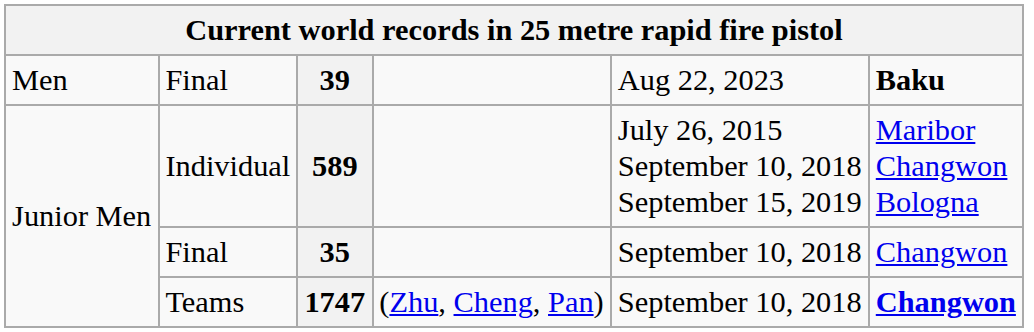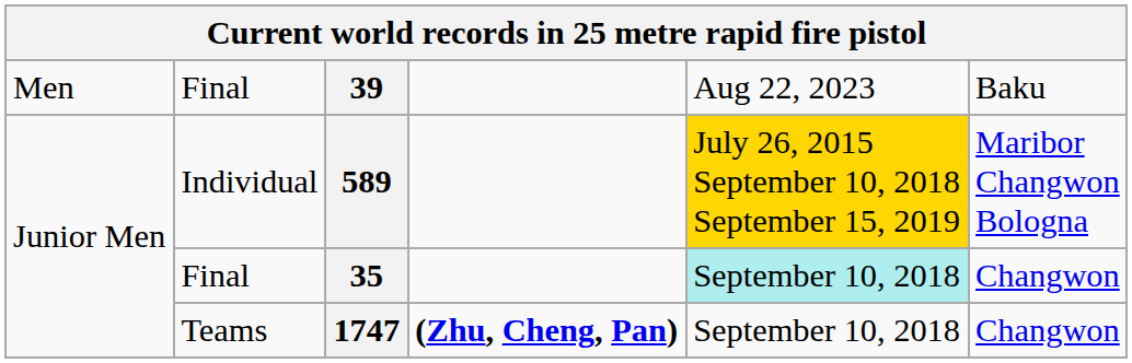 <table class="wikitable" style="font-size: 95%">
 <tr>
 <th colspan=9>Current world records in 25 metre rapid fire pistol</th>
 </tr>
 <tr>
 <td rowspan=3>Men<br></td>
 </tr>
 <tr>
 <td>Final</td>
 <th>39</th>
 <td></td>
 <td>Aug 22, 2023</td>
-<td><strong>Baku </strong></td>
+<td>Baku </td>
 </tr>
 <tr>
 </tr>
 <tr>
 <td rowspan=3>Junior Men</td>
 <td>Individual</td>
 <th>589</th>
 <td> <br>  <br> </td>
-<td>July 26, 2015 <br> September 10, 2018 <br> September 15, 2019</td>
+<td style="background: gold;">July 26, 2015 <br> September 10, 2018 <br> September 15, 2019</td>
 <td><a href='#'>Maribor</a>  <br> <a href='#'>Changwon</a>  <br> <a href='#'>Bologna</a> </td>
 </tr>
 <tr>
 <td>Final</td>
 <th>35</th>
 <td></td>
-<td>September 10, 2018</td>
+<td style="background: paleturquoise;">September 10, 2018</td>
 <td><a href='#'>Changwon</a> </td>
 </tr>
 <tr>
 <td>Teams</td>
 <th>1747</th>
-<td> (<a href='#'>Zhu</a>, <a href='#'>Cheng</a>, <a href='#'>Pan</a>)</td>
+<td><strong> (<a href='#'>Zhu</a>, <a href='#'>Cheng</a>, <a href='#'>Pan</a>)</strong></td>
 <td>September 10, 2018</td>
-<td><strong><a href='#'>Changwon</a> </strong></td>
+<td><a href='#'>Changwon</a> </td>
 </tr>
 </table>
